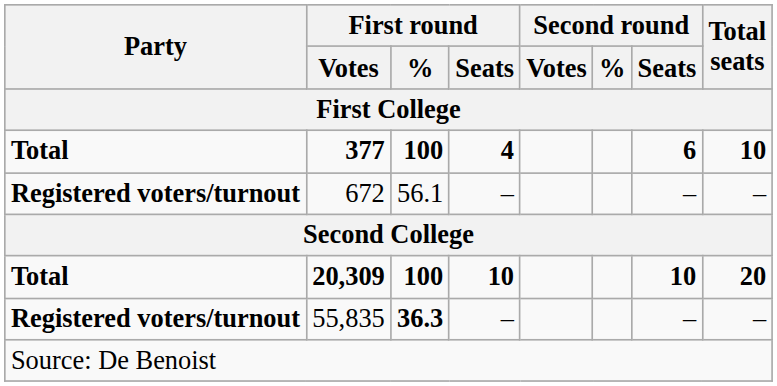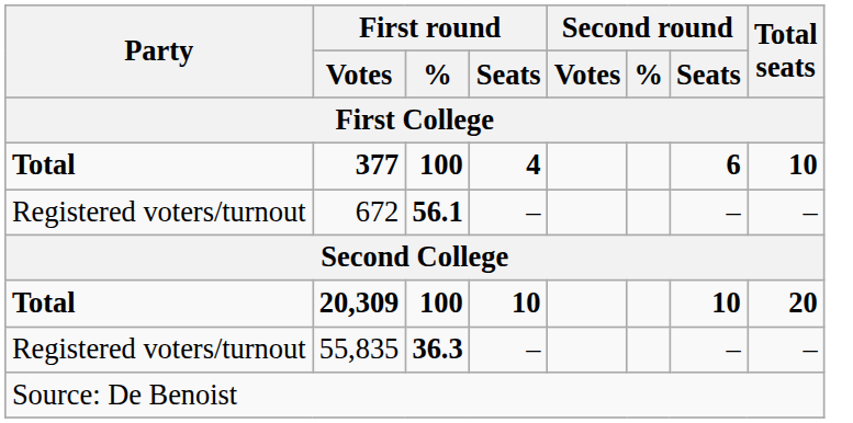 <table class=wikitable style=text-align:right>
 <tr>
 <th rowspan=2>Party</th>
 <th colspan=3>First round</th>
 <th colspan=3>Second round</th>
 <th rowspan=2>Total<br>seats</th>
 </tr>
 <tr>
 <th>Votes</th>
 <th>%</th>
 <th>Seats</th>
 <th>Votes</th>
 <th>%</th>
 <th>Seats</th>
 </tr>
 <tr>
 <th colspan=8>First College</th>
 </tr>
 <tr>
 <td align=left><strong>Total</strong></td>
 <td><strong>377</strong></td>
 <td><strong>100</strong></td>
 <td><strong>4</strong></td>
 <td></td>
 <td></td>
 <td><strong>6</strong></td>
 <td><strong>10</strong></td>
 </tr>
 <tr>
-<td align=left><strong>Registered voters/turnout</strong></td>
+<td align=left>Registered voters/turnout</td>
 <td>672</td>
-<td>56.1</td>
+<td><strong>56.1</strong></td>
 <td>–</td>
 <td></td>
 <td></td>
 <td>–</td>
 <td>–</td>
 </tr>
 <tr>
 <th colspan=8>Second College</th>
 </tr>
 <tr>
 <td align=left><strong>Total</strong></td>
 <td><strong>20,309</strong></td>
 <td><strong>100</strong></td>
 <td><strong>10</strong></td>
 <td></td>
 <td></td>
 <td><strong>10</strong></td>
 <td><strong>20</strong></td>
 </tr>
 <tr>
-<td align=left><strong>Registered voters/turnout</strong></td>
+<td align=left>Registered voters/turnout</td>
 <td>55,835</td>
 <td><strong>36.3</strong></td>
 <td>–</td>
 <td></td>
 <td></td>
 <td>–</td>
 <td>–</td>
 </tr>
 <tr>
 <td align=left colspan=8>Source: De Benoist</td>
 </tr>
 </table>
